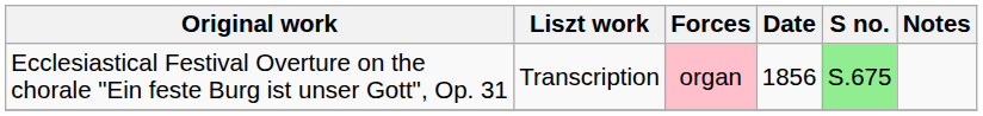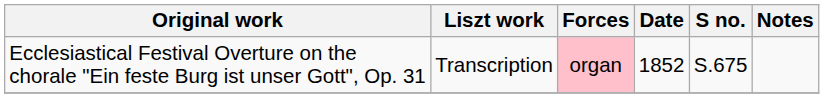 <table class="wikitable">
 <tr>
 <th>Original work</th>
 <th>Liszt work</th>
 <th>Forces</th>
 <th>Date</th>
 <th>S no.</th>
 <th>Notes</th>
 </tr>
 <tr>
 <td>Ecclesiastical Festival Overture on the <br>chorale "Ein feste Burg ist unser Gott", Op. 31</td>
 <td>Transcription</td>
 <td style="background: pink; text-align: center">organ</td>
-<td>1856</td>
-<td style="background: lightgreen;">S.675</td>
+<td>1852</td>
+<td>S.675</td>
 <td></td>
 </tr>
 <tr>
 </tr>
 </table>
